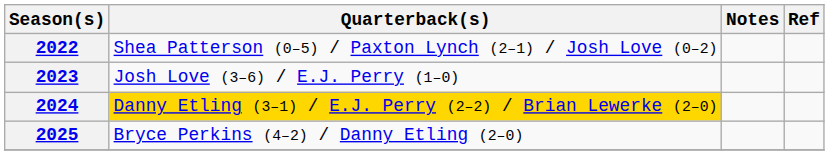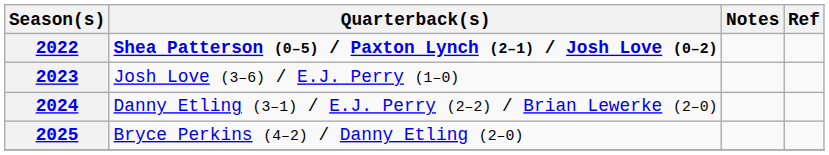 <table class="wikitable plainrowheaders">
 <tr>
 <th>Season(s)</th>
 <th>Quarterback(s)</th>
 <th>Notes</th>
 <th>Ref</th>
 </tr>
 <tr>
 <th scope="row"><a href='#'>2022</a></th>
-<td><a href='#'>Shea Patterson</a> <small>(0–5)</small> / <a href='#'>Paxton Lynch</a> <small>(2–1)</small> / <a href='#'>Josh Love</a> <small>(0–2)</small></td>
+<td><strong><a href='#'>Shea Patterson</a> <small>(0–5)</small> / <a href='#'>Paxton Lynch</a> <small>(2–1)</small> / <a href='#'>Josh Love</a> <small>(0–2)</small></strong></td>
 <td></td>
 <td></td>
 </tr>
 <tr>
 <th scope="row"><a href='#'>2023</a></th>
 <td><a href='#'>Josh Love</a> <small>(3–6)</small> / <a href='#'>E.J. Perry</a> <small>(1–0)</small></td>
 <td></td>
 <td></td>
 </tr>
 <tr>
 <th scope="row"><a href='#'>2024</a></th>
-<td style="background: gold;"><a href='#'>Danny Etling</a> <small>(3–1)</small> / <a href='#'>E.J. Perry</a> <small>(2–2)</small> / <a href='#'>Brian Lewerke</a> <small>(2–0)</small></td>
+<td><a href='#'>Danny Etling</a> <small>(3–1)</small> / <a href='#'>E.J. Perry</a> <small>(2–2)</small> / <a href='#'>Brian Lewerke</a> <small>(2–0)</small></td>
 <td></td>
 <td></td>
 </tr>
 <tr>
 <th scope="row"><a href='#'>2025</a></th>
 <td><a href='#'>Bryce Perkins</a> <small>(4–2)</small> / <a href='#'>Danny Etling</a> <small>(2–0)</small></td>
 <td></td>
 <td></td>
 </tr>
 <tr>
 </tr>
 </table>
